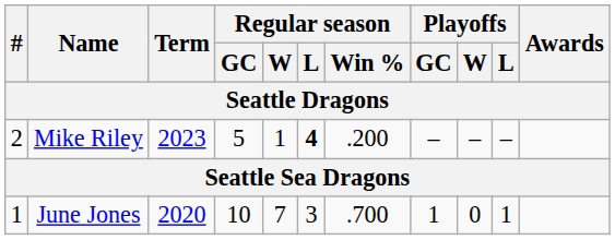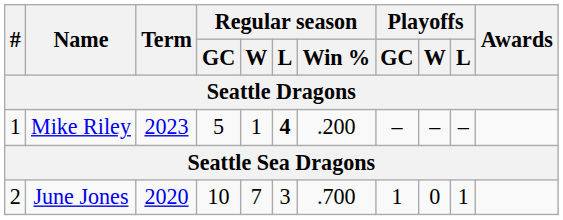 <table class="wikitable" style="text-align:center">
 <tr>
 <th rowspan="2">#</th>
 <th rowspan="2">Name</th>
 <th rowspan="2">Term</th>
 <th colspan="4">Regular season</th>
 <th colspan="3">Playoffs</th>
 <th rowspan="2">Awards</th>
 </tr>
 <tr>
 <th>GC</th>
 <th>W</th>
 <th>L</th>
 <th>Win %</th>
 <th>GC</th>
 <th>W</th>
 <th>L</th>
 </tr>
 <tr>
 <th colspan="11">Seattle Dragons</th>
 </tr>
 <tr>
-<td>2</td>
+<td>1</td>
 <td><a href='#'>Mike Riley</a></td>
 <td><a href='#'>2023</a></td>
 <td>5</td>
 <td>1</td>
 <td><strong>4</strong></td>
 <td>.200</td>
 <td>–</td>
 <td>–</td>
 <td>–</td>
 <td></td>
 </tr>
 <tr>
 <th colspan="11">Seattle Sea Dragons</th>
 </tr>
 <tr>
-<td>1</td>
+<td>2</td>
 <td><a href='#'>June Jones</a></td>
 <td><a href='#'>2020</a></td>
 <td>10</td>
 <td>7</td>
 <td>3</td>
 <td>.700</td>
 <td>1</td>
 <td>0</td>
 <td>1</td>
 <td></td>
 </tr>
 </table>
